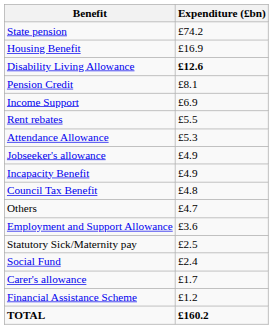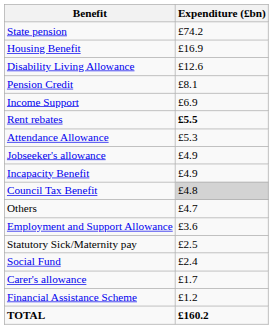 <table class="wikitable sortable">
 <tr>
 <th>Benefit</th>
 <th>Expenditure (£bn)</th>
 </tr>
 <tr>
 <td><a href='#'>State pension</a></td>
 <td>£74.2</td>
 </tr>
 <tr>
 <td><a href='#'>Housing Benefit</a></td>
 <td>£16.9</td>
 </tr>
 <tr>
 <td><a href='#'>Disability Living Allowance</a></td>
-<td><strong>£12.6</strong></td>
+<td>£12.6</td>
 </tr>
 <tr>
 <td><a href='#'>Pension Credit</a></td>
 <td>£8.1</td>
 </tr>
 <tr>
 <td><a href='#'>Income Support</a></td>
 <td>£6.9</td>
 </tr>
 <tr>
 <td><a href='#'>Rent rebates</a></td>
-<td>£5.5</td>
+<td><strong>£5.5</strong></td>
 </tr>
 <tr>
 <td><a href='#'>Attendance Allowance</a></td>
 <td>£5.3</td>
 </tr>
 <tr>
 <td><a href='#'>Jobseeker's allowance</a></td>
 <td>£4.9</td>
 </tr>
 <tr>
 <td><a href='#'>Incapacity Benefit</a></td>
 <td>£4.9</td>
 </tr>
 <tr>
 <td><a href='#'>Council Tax Benefit</a></td>
-<td>£4.8</td>
+<td style="background: lightgrey;">£4.8</td>
 </tr>
 <tr>
 <td>Others</td>
 <td>£4.7</td>
 </tr>
 <tr>
 <td><a href='#'>Employment and Support Allowance</a></td>
 <td>£3.6</td>
 </tr>
 <tr>
 <td>Statutory Sick/Maternity pay</td>
 <td>£2.5</td>
 </tr>
 <tr>
 <td><a href='#'>Social Fund</a></td>
 <td>£2.4</td>
 </tr>
 <tr>
 <td><a href='#'>Carer's allowance</a></td>
 <td>£1.7</td>
 </tr>
 <tr>
 <td><a href='#'>Financial Assistance Scheme</a></td>
 <td>£1.2</td>
 </tr>
 <tr class="sortbottom">
 <td><strong>TOTAL</strong></td>
 <td><strong>£160.2</strong></td>
 </tr>
 </table>
